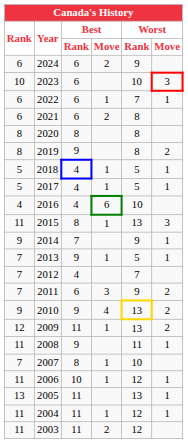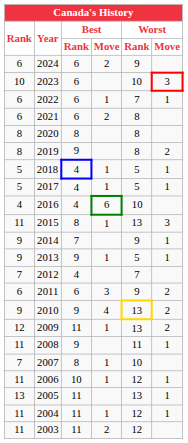 <table class="wikitable sortable" style="text-align:center;">
 <tr>
 <th colspan=9 style="background: #EF3340; color: #FFFFFF;"> Canada's <a href='#'></a> History</th>
 </tr>
 <tr>
 <th rowspan=2 style="background-color: #FFFFFF; color: #EF3340;">Rank</th>
 <th rowspan=2 style="background-color: #FFFFFF; color: #EF3340;">Year</th>
 <th colspan=2 style="background-color: #FFFFFF; color: #EF3340;">Best</th>
 <th colspan=2 style="background-color: #FFFFFF; color: #EF3340;">Worst</th>
 </tr>
 <tr>
 <th style="background-color: #FFFFFF; color: #EF3340;">Rank</th>
 <th style="background-color: #FFFFFF; color: #EF3340;">Move</th>
 <th style="background-color: #FFFFFF; color: #EF3340;">Rank</th>
 <th style="background-color: #FFFFFF; color: #EF3340;">Move</th>
 </tr>
 <tr>
 <td>6</td>
 <td>2024</td>
 <td>6</td>
 <td> 2</td>
 <td>9</td>
 <td></td>
 </tr>
 <tr>
 <td>10</td>
 <td>2023</td>
 <td>6</td>
 <td></td>
 <td>10</td>
 <td style="border: 3px solid red"> 3</td>
 </tr>
 <tr>
 <td>6</td>
 <td>2022</td>
 <td>6</td>
 <td> 1</td>
 <td>7</td>
 <td> 1</td>
 </tr>
 <tr>
 <td>6</td>
 <td>2021</td>
 <td>6</td>
 <td> 2</td>
 <td>8</td>
 <td></td>
 </tr>
 <tr>
 <td>8</td>
 <td>2020</td>
 <td>8</td>
 <td></td>
 <td>8</td>
 <td></td>
 </tr>
 <tr>
 <td>8</td>
 <td>2019</td>
 <td>9</td>
 <td></td>
 <td>8</td>
 <td> 2</td>
 </tr>
 <tr>
 <td>5</td>
 <td>2018</td>
 <td style="border: 3px solid blue">4</td>
 <td> 1</td>
 <td>5</td>
 <td> 1</td>
 </tr>
 <tr>
 <td>5</td>
 <td>2017</td>
 <td>4</td>
 <td> 1</td>
 <td>5</td>
 <td> 1</td>
 </tr>
 <tr>
 <td>4</td>
 <td>2016</td>
 <td>4</td>
 <td style="border: 3px solid green"> 6</td>
 <td>10</td>
 <td></td>
 </tr>
 <tr>
 <td>11</td>
 <td>2015</td>
 <td>8</td>
 <td> 1</td>
 <td>13</td>
 <td> 3</td>
 </tr>
 <tr>
 <td>9</td>
 <td>2014</td>
 <td>7</td>
 <td></td>
 <td>9</td>
 <td> 1</td>
 </tr>
 <tr>
-<td>7</td>
+<td>9</td>
 <td>2013</td>
 <td>9</td>
 <td> 1</td>
 <td>5</td>
 <td> 1</td>
 </tr>
 <tr>
 <td>7</td>
 <td>2012</td>
 <td>4</td>
 <td></td>
 <td>7</td>
 <td></td>
 </tr>
 <tr>
-<td>7</td>
+<td>6</td>
 <td>2011</td>
 <td>6</td>
 <td> 3</td>
 <td>9</td>
 <td> 2</td>
 </tr>
 <tr>
 <td>9</td>
 <td>2010</td>
 <td>9</td>
 <td> 4</td>
 <td style="border: 3px solid gold">13</td>
 <td> 2</td>
 </tr>
 <tr>
 <td>12</td>
 <td>2009</td>
 <td>11</td>
 <td> 1</td>
 <td>13</td>
 <td> 2</td>
 </tr>
 <tr>
 <td>11</td>
 <td>2008</td>
 <td>9</td>
 <td></td>
 <td>11</td>
 <td> 1</td>
 </tr>
 <tr>
 <td>7</td>
 <td>2007</td>
 <td>8</td>
 <td> 1</td>
 <td>10</td>
 <td></td>
 </tr>
 <tr>
 <td>11</td>
 <td>2006</td>
 <td>10</td>
 <td> 1</td>
 <td>12</td>
 <td> 1</td>
 </tr>
 <tr>
 <td>13</td>
 <td>2005</td>
 <td>11</td>
 <td></td>
 <td>13</td>
 <td> 1</td>
 </tr>
 <tr>
 <td>11</td>
 <td>2004</td>
 <td>11</td>
 <td> 1</td>
 <td>12</td>
 <td> 1</td>
 </tr>
 <tr>
 <td>11</td>
 <td>2003</td>
 <td>11</td>
 <td> 2</td>
 <td>12</td>
 <td></td>
 </tr>
 </table>
